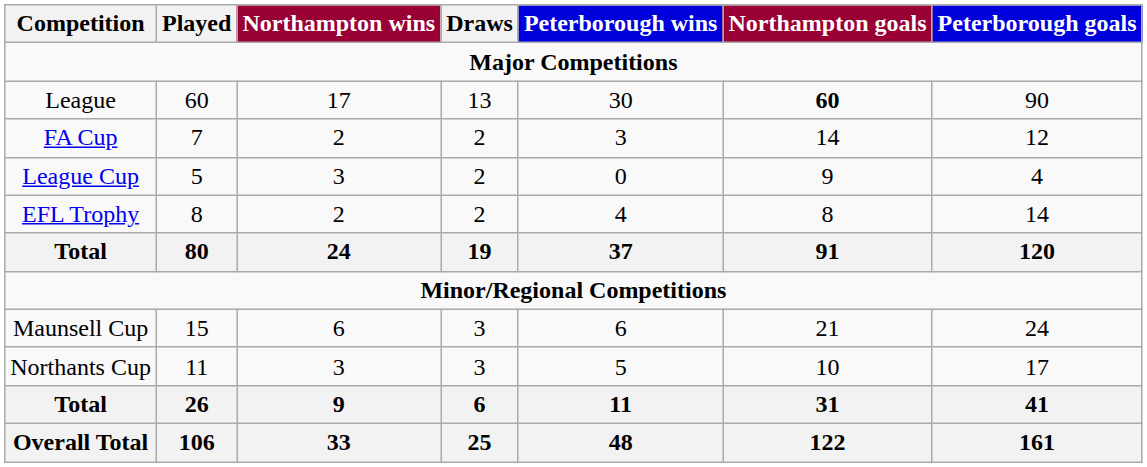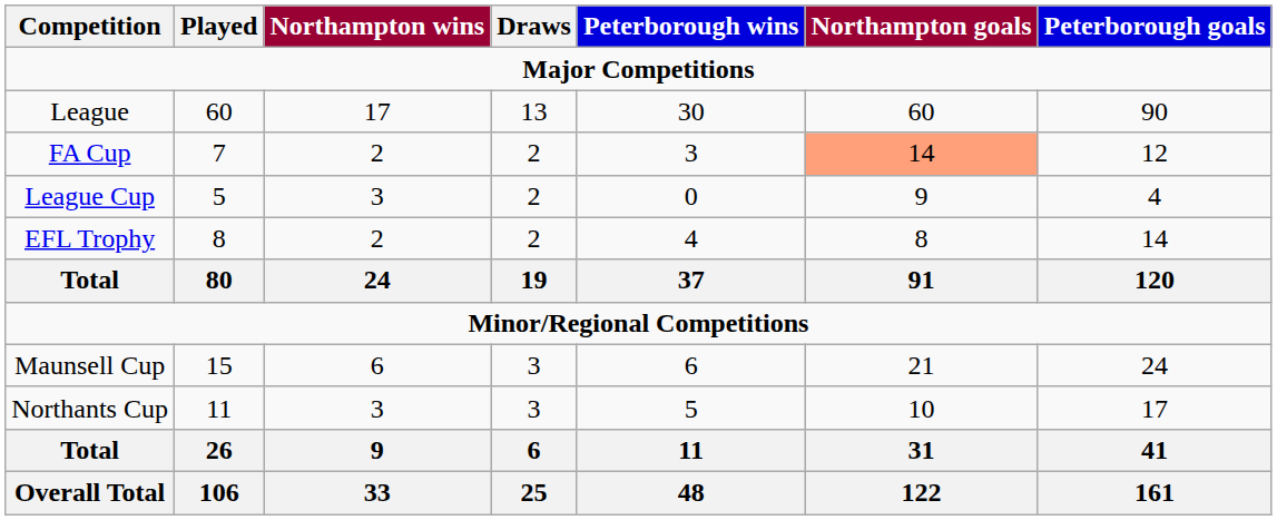 <table class="wikitable" style="text-align: center;">
 <tr>
 <th>Competition</th>
 <th>Played</th>
 <th style="background:#990033; color:white">Northampton wins</th>
 <th>Draws</th>
 <th style="background:#0000dd; color:white">Peterborough wins</th>
 <th style="background:#990033; color:white">Northampton goals</th>
 <th style="background:#0000dd; color:white">Peterborough goals</th>
 </tr>
 <tr>
 <td colspan="7"><strong>Major Competitions</strong></td>
 </tr>
 <tr>
 <td>League</td>
 <td>60</td>
 <td>17</td>
 <td>13</td>
 <td>30</td>
-<td><strong>60</strong></td>
+<td>60</td>
 <td>90</td>
 </tr>
 <tr>
 <td><a href='#'>FA Cup</a></td>
 <td>7</td>
 <td>2</td>
 <td>2</td>
 <td>3</td>
-<td>14</td>
+<td style="background: lightsalmon;">14</td>
 <td>12</td>
 </tr>
 <tr>
 <td><a href='#'>League Cup</a></td>
 <td>5</td>
 <td>3</td>
 <td>2</td>
 <td>0</td>
 <td>9</td>
 <td>4</td>
 </tr>
 <tr>
 <td><a href='#'>EFL Trophy</a></td>
 <td>8</td>
 <td>2</td>
 <td>2</td>
 <td>4</td>
 <td>8</td>
 <td>14</td>
 </tr>
 <tr class="sortbottom">
 <th>Total</th>
 <th>80</th>
 <th>24</th>
 <th>19</th>
 <th>37</th>
 <th>91</th>
 <th>120</th>
 </tr>
 <tr>
 <td colspan="7"><strong>Minor/Regional Competitions</strong></td>
 </tr>
 <tr>
 <td>Maunsell Cup</td>
 <td>15</td>
 <td>6</td>
 <td>3</td>
 <td>6</td>
 <td>21</td>
 <td>24</td>
 </tr>
 <tr>
 <td>Northants Cup</td>
 <td>11</td>
 <td>3</td>
 <td>3</td>
 <td>5</td>
 <td>10</td>
 <td>17</td>
 </tr>
 <tr class="sortbottom">
 <th>Total</th>
 <th>26</th>
 <th>9</th>
 <th>6</th>
 <th>11</th>
 <th>31</th>
 <th>41</th>
 </tr>
 <tr class="sortbottom">
 <th>Overall Total</th>
 <th>106</th>
 <th>33</th>
 <th>25</th>
 <th>48</th>
 <th>122</th>
 <th>161</th>
 </tr>
 </table>
